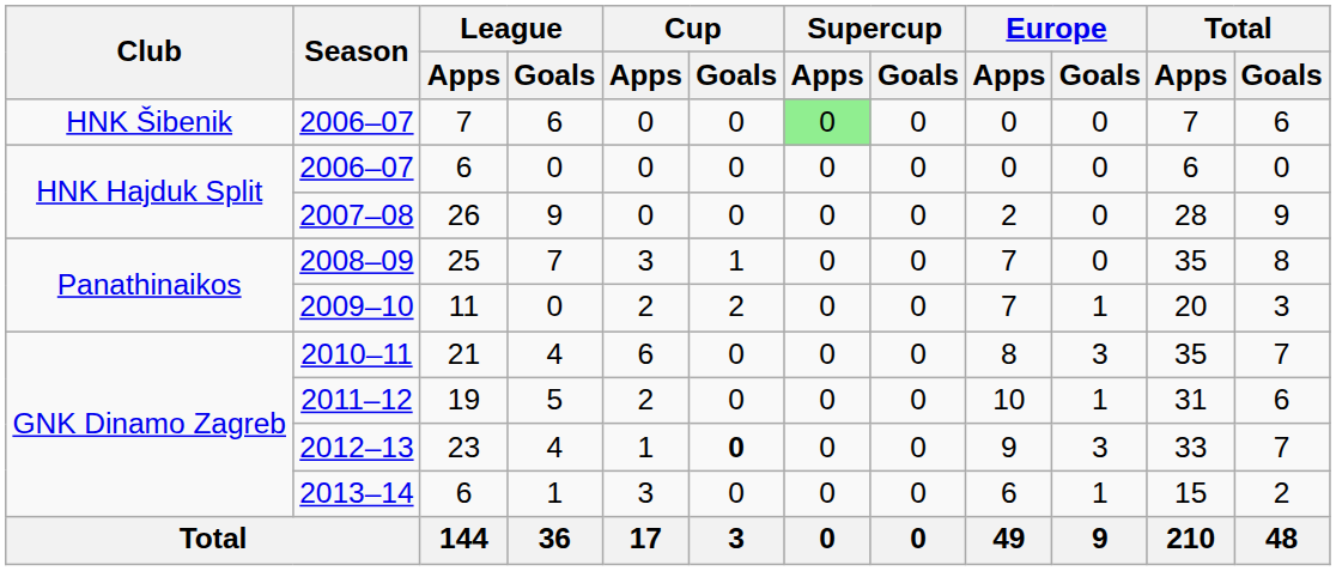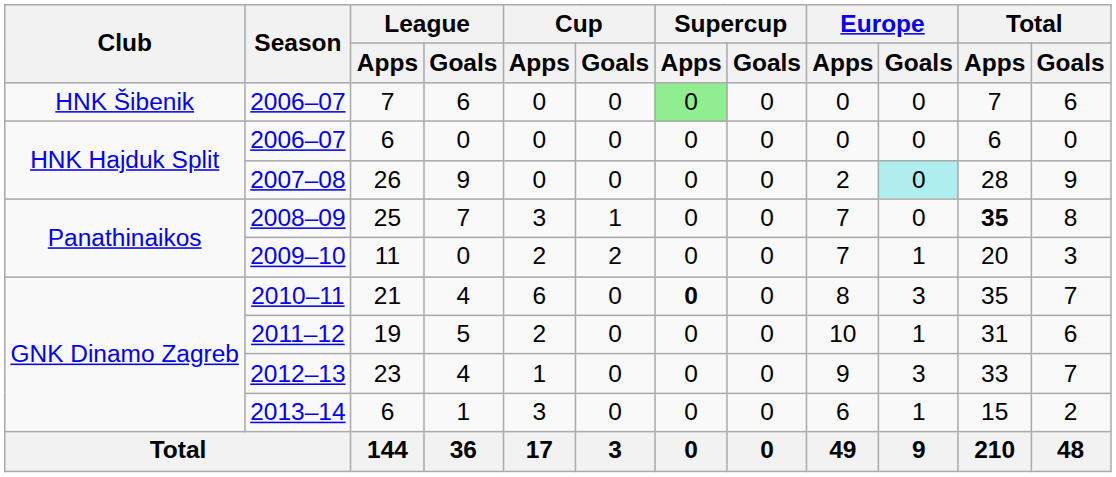 <table class="wikitable" style="text-align: center;">
 <tr>
 <th rowspan="2">Club</th>
 <th rowspan="2">Season</th>
 <th colspan="2">League</th>
 <th colspan="2">Cup</th>
 <th colspan="2">Supercup</th>
 <th colspan="2"><a href='#'>Europe</a></th>
 <th colspan="2">Total</th>
 </tr>
 <tr>
 <th>Apps</th>
 <th>Goals</th>
 <th>Apps</th>
 <th>Goals</th>
 <th>Apps</th>
 <th>Goals</th>
 <th>Apps</th>
 <th>Goals</th>
 <th>Apps</th>
 <th>Goals</th>
 </tr>
 <tr>
 <td rowspan="1"><a href='#'>HNK Šibenik</a></td>
 <td><a href='#'>2006–07</a></td>
 <td>7</td>
 <td>6</td>
 <td>0</td>
 <td>0</td>
 <td style="background: lightgreen;">0</td>
 <td>0</td>
 <td>0</td>
 <td>0</td>
 <td>7</td>
 <td>6</td>
 </tr>
 <tr>
 <td rowspan="2"><a href='#'>HNK Hajduk Split</a></td>
 <td><a href='#'>2006–07</a></td>
 <td>6</td>
 <td>0</td>
 <td>0</td>
 <td>0</td>
 <td>0</td>
 <td>0</td>
 <td>0</td>
 <td>0</td>
 <td>6</td>
 <td>0</td>
 </tr>
 <tr>
 <td><a href='#'>2007–08</a></td>
 <td>26</td>
 <td>9</td>
 <td>0</td>
 <td>0</td>
 <td>0</td>
 <td>0</td>
 <td>2</td>
-<td>0</td>
+<td style="background: paleturquoise;">0</td>
 <td>28</td>
 <td>9</td>
 </tr>
 <tr>
 <td rowspan="2"><a href='#'>Panathinaikos</a></td>
 <td><a href='#'>2008–09</a></td>
 <td>25</td>
 <td>7</td>
 <td>3</td>
 <td>1</td>
 <td>0</td>
 <td>0</td>
 <td>7</td>
 <td>0</td>
-<td>35</td>
+<td><strong>35</strong></td>
 <td>8</td>
 </tr>
 <tr>
 <td><a href='#'>2009–10</a></td>
 <td>11</td>
 <td>0</td>
 <td>2</td>
 <td>2</td>
 <td>0</td>
 <td>0</td>
 <td>7</td>
 <td>1</td>
 <td>20</td>
 <td>3</td>
 </tr>
 <tr>
 <td rowspan="4"><a href='#'>GNK Dinamo Zagreb</a></td>
 <td><a href='#'>2010–11</a></td>
 <td>21</td>
 <td>4</td>
 <td>6</td>
 <td>0</td>
-<td>0</td>
+<td><strong>0</strong></td>
 <td>0</td>
 <td>8</td>
 <td>3</td>
 <td>35</td>
 <td>7</td>
 </tr>
 <tr>
 <td><a href='#'>2011–12</a></td>
 <td>19</td>
 <td>5</td>
 <td>2</td>
 <td>0</td>
 <td>0</td>
 <td>0</td>
 <td>10</td>
 <td>1</td>
 <td>31</td>
 <td>6</td>
 </tr>
 <tr>
 <td><a href='#'>2012–13</a></td>
 <td>23</td>
 <td>4</td>
 <td>1</td>
-<td><strong>0</strong></td>
+<td>0</td>
 <td>0</td>
 <td>0</td>
 <td>9</td>
 <td>3</td>
 <td>33</td>
 <td>7</td>
 </tr>
 <tr>
 <td><a href='#'>2013–14</a></td>
 <td>6</td>
 <td>1</td>
 <td>3</td>
 <td>0</td>
 <td>0</td>
 <td>0</td>
 <td>6</td>
 <td>1</td>
 <td>15</td>
 <td>2</td>
 </tr>
 <tr>
 <th colspan="2">Total</th>
 <th>144</th>
 <th>36</th>
 <th>17</th>
 <th>3</th>
 <th>0</th>
 <th>0</th>
 <th>49</th>
 <th>9</th>
 <th>210</th>
 <th>48</th>
 </tr>
 </table>
